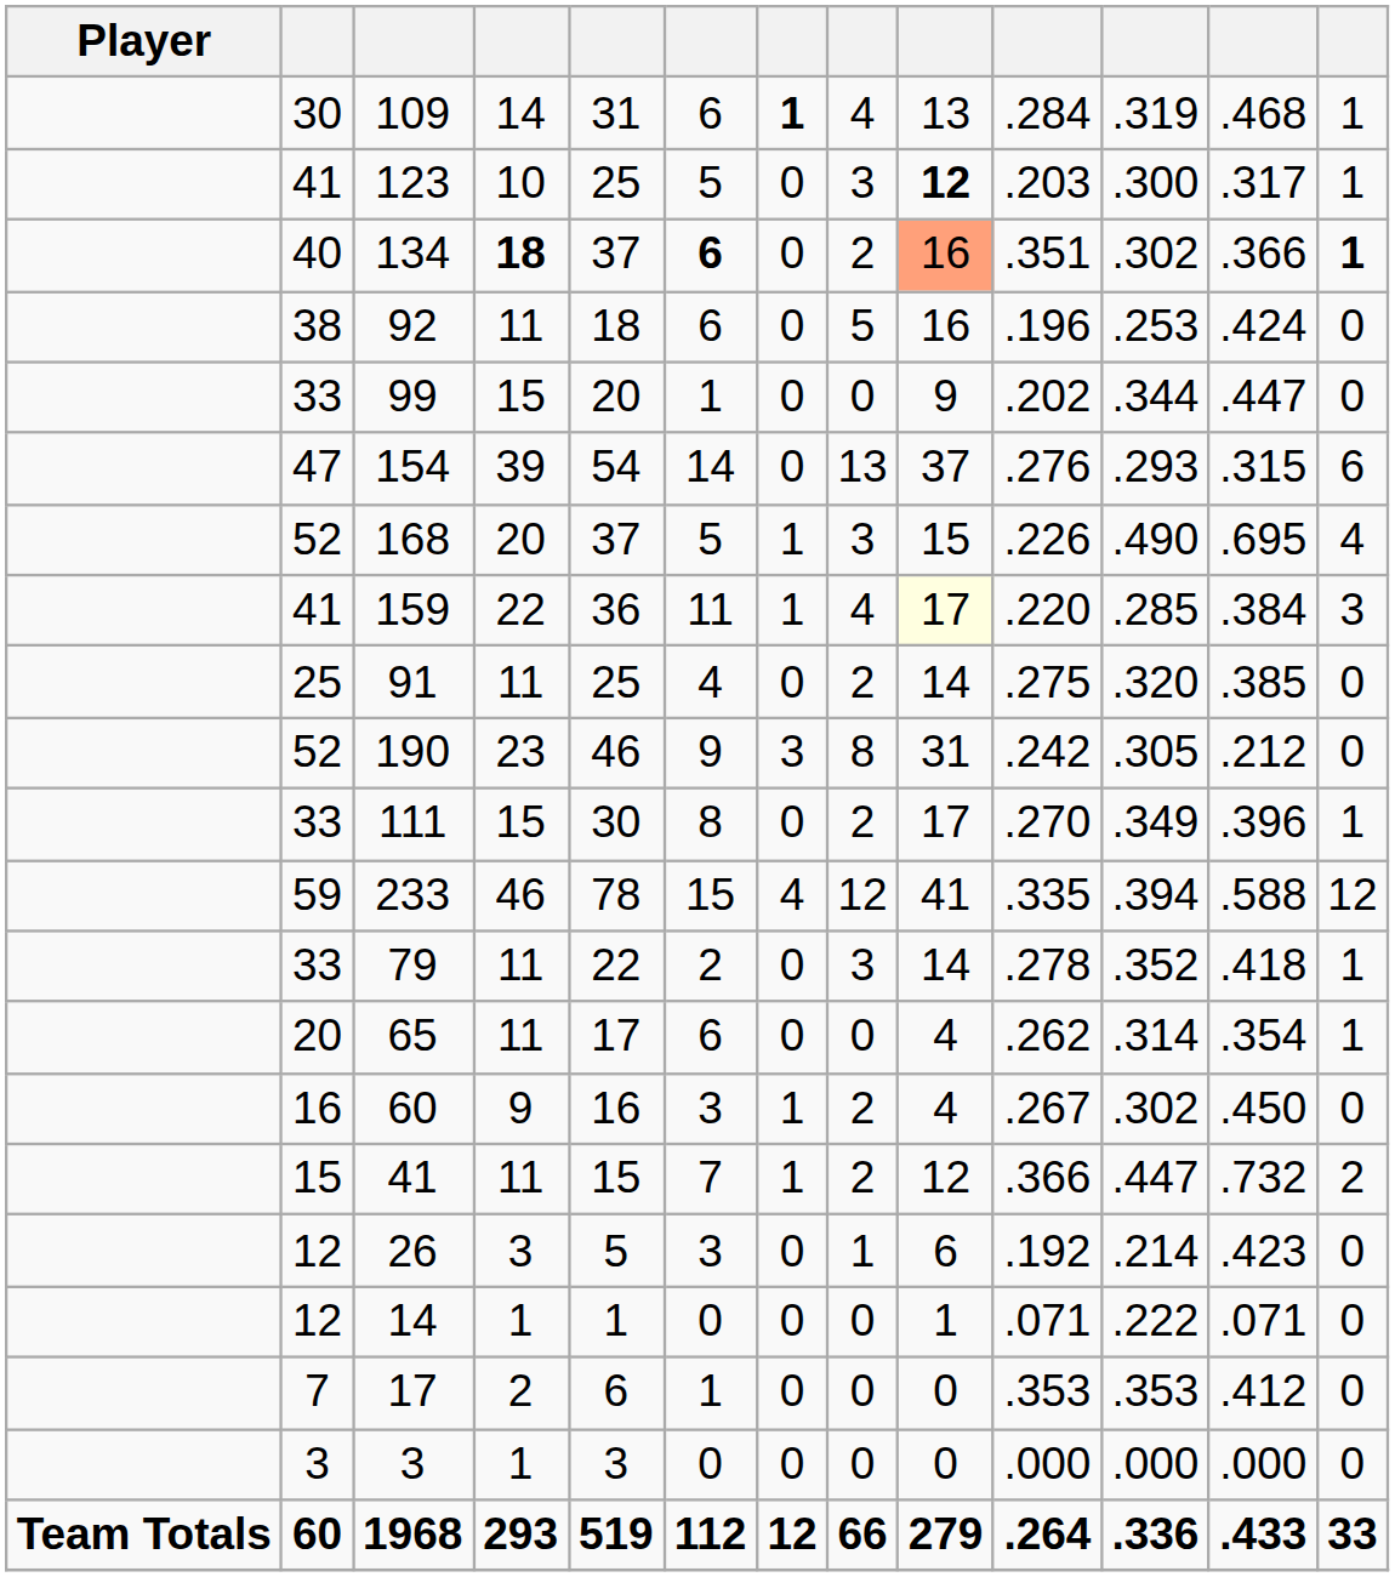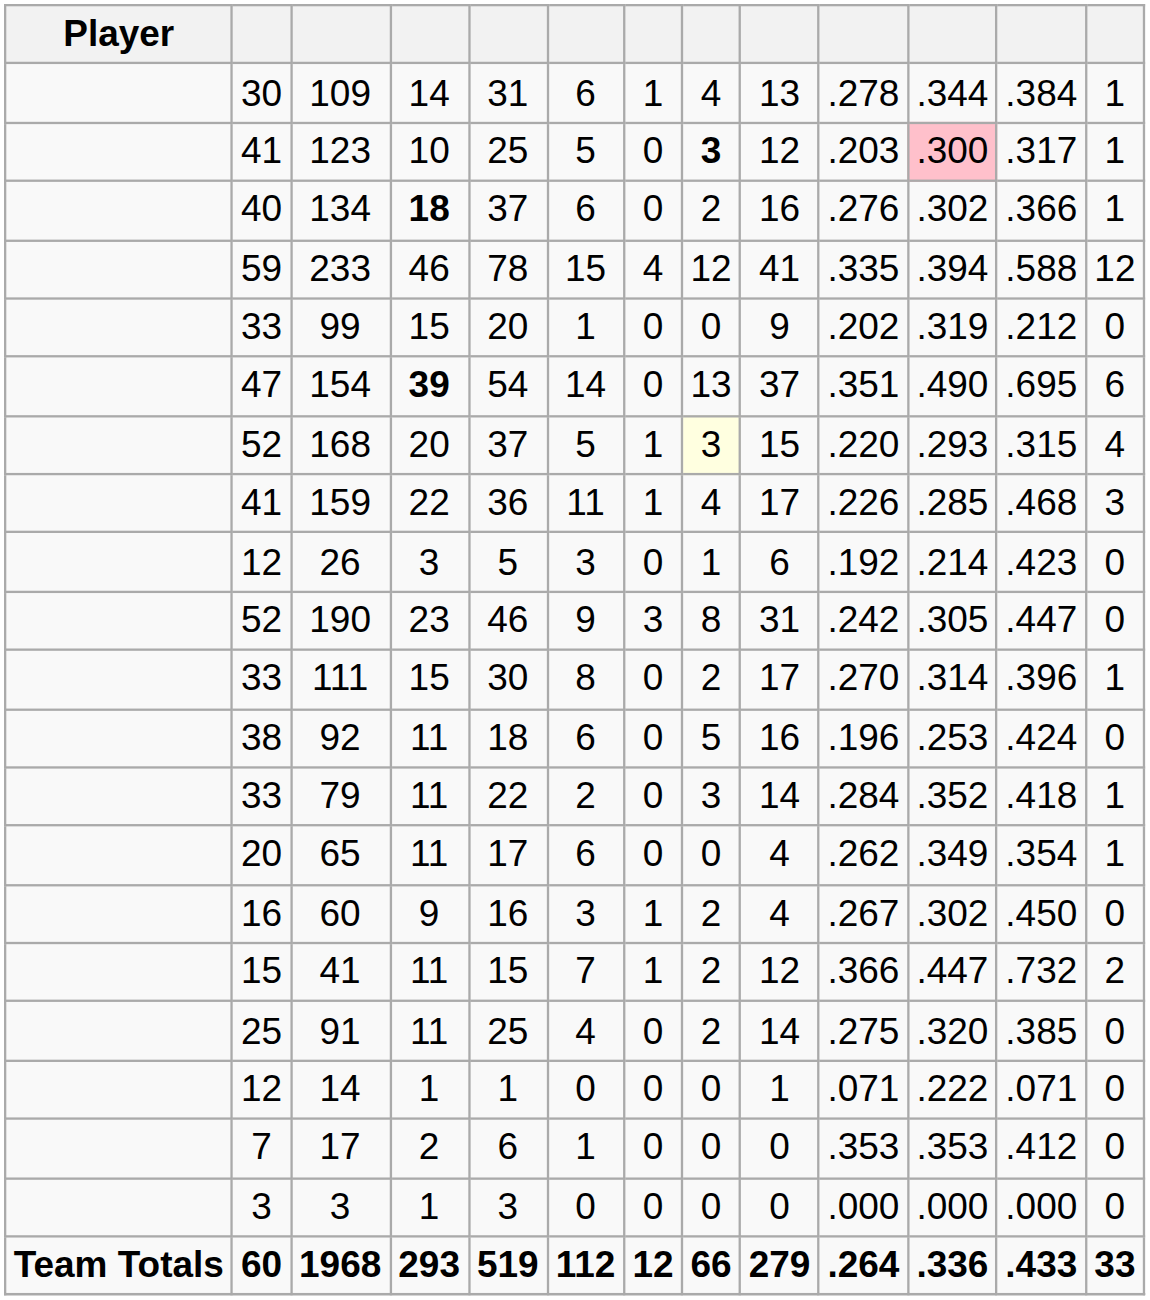 <table class="wikitable sortable" style="text-align:center;">
 <tr>
 <th>Player</th>
 <th></th>
 <th></th>
 <th></th>
 <th></th>
 <th></th>
 <th></th>
 <th></th>
 <th></th>
 <th></th>
 <th></th>
 <th></th>
 <th></th>
 </tr>
 <tr>
 <td align=left></td>
 <td>30</td>
 <td>109</td>
 <td>14</td>
 <td>31</td>
 <td>6</td>
-<td><strong>1</strong></td>
+<td>1</td>
 <td>4</td>
 <td>13</td>
-<td>.284</td>
-<td>.319</td>
-<td>.468</td>
+<td>.278</td>
+<td>.344</td>
+<td>.384</td>
 <td>1</td>
 </tr>
 <tr>
 <td align=left></td>
 <td>41</td>
 <td>123</td>
 <td>10</td>
 <td>25</td>
 <td>5</td>
 <td>0</td>
-<td>3</td>
-<td><strong>12</strong></td>
+<td><strong>3</strong></td>
+<td>12</td>
 <td>.203</td>
-<td>.300</td>
+<td style="background: pink;">.300</td>
 <td>.317</td>
 <td>1</td>
 </tr>
 <tr>
 <td align=left></td>
 <td>40</td>
 <td>134</td>
 <td><strong>18</strong></td>
 <td>37</td>
-<td><strong>6</strong></td>
+<td>6</td>
 <td>0</td>
 <td>2</td>
-<td style="background: lightsalmon;">16</td>
-<td>.351</td>
+<td>16</td>
+<td>.276</td>
 <td>.302</td>
 <td>.366</td>
-<td><strong>1</strong></td>
-</tr>
-<tr>
-<td align=left></td>
-<td>38</td>
-<td>92</td>
-<td>11</td>
-<td>18</td>
-<td>6</td>
-<td>0</td>
-<td>5</td>
-<td>16</td>
-<td>.196</td>
-<td>.253</td>
-<td>.424</td>
-<td>0</td>
-</tr>
-<tr>
-<td align=left></td>
-<td>33</td>
-<td>99</td>
-<td>15</td>
-<td>20</td>
-<td>1</td>
-<td>0</td>
-<td>0</td>
-<td>9</td>
-<td>.202</td>
-<td>.344</td>
-<td>.447</td>
-<td>0</td>
-</tr>
-<tr>
-<td align=left></td>
-<td>47</td>
-<td>154</td>
-<td>39</td>
-<td>54</td>
-<td>14</td>
-<td>0</td>
-<td>13</td>
-<td>37</td>
-<td>.276</td>
-<td>.293</td>
-<td>.315</td>
-<td>6</td>
-</tr>
-<tr>
-<td align=left></td>
-<td>52</td>
-<td>168</td>
-<td>20</td>
-<td>37</td>
-<td>5</td>
-<td>1</td>
-<td>3</td>
-<td>15</td>
-<td>.226</td>
-<td>.490</td>
-<td>.695</td>
-<td>4</td>
-</tr>
-<tr>
-<td align=left></td>
-<td>41</td>
-<td>159</td>
-<td>22</td>
-<td>36</td>
-<td>11</td>
-<td>1</td>
-<td>4</td>
-<td style="background: lightyellow;">17</td>
-<td>.220</td>
-<td>.285</td>
-<td>.384</td>
-<td>3</td>
-</tr>
-<tr>
-<td align=left></td>
-<td>25</td>
-<td>91</td>
-<td>11</td>
-<td>25</td>
-<td>4</td>
-<td>0</td>
-<td>2</td>
-<td>14</td>
-<td>.275</td>
-<td>.320</td>
-<td>.385</td>
-<td>0</td>
-</tr>
-<tr>
-<td align=left></td>
-<td>52</td>
-<td>190</td>
-<td>23</td>
-<td>46</td>
-<td>9</td>
-<td>3</td>
-<td>8</td>
-<td>31</td>
-<td>.242</td>
-<td>.305</td>
-<td>.212</td>
-<td>0</td>
-</tr>
-<tr>
-<td align=left></td>
-<td>33</td>
-<td>111</td>
-<td>15</td>
-<td>30</td>
-<td>8</td>
-<td>0</td>
-<td>2</td>
-<td>17</td>
-<td>.270</td>
-<td>.349</td>
-<td>.396</td>
 <td>1</td>
 </tr>
 <tr>
 <td align=left></td>
 <td>59</td>
 <td>233</td>
 <td>46</td>
 <td>78</td>
 <td>15</td>
 <td>4</td>
 <td>12</td>
 <td>41</td>
 <td>.335</td>
 <td>.394</td>
 <td>.588</td>
 <td>12</td>
 </tr>
 <tr>
 <td align=left></td>
 <td>33</td>
+<td>99</td>
+<td>15</td>
+<td>20</td>
+<td>1</td>
+<td>0</td>
+<td>0</td>
+<td>9</td>
+<td>.202</td>
+<td>.319</td>
+<td>.212</td>
+<td>0</td>
+</tr>
+<tr>
+<td align=left></td>
+<td>47</td>
+<td>154</td>
+<td><strong>39</strong></td>
+<td>54</td>
+<td>14</td>
+<td>0</td>
+<td>13</td>
+<td>37</td>
+<td>.351</td>
+<td>.490</td>
+<td>.695</td>
+<td>6</td>
+</tr>
+<tr>
+<td align=left></td>
+<td>52</td>
+<td>168</td>
+<td>20</td>
+<td>37</td>
+<td>5</td>
+<td>1</td>
+<td style="background: lightyellow;">3</td>
+<td>15</td>
+<td>.220</td>
+<td>.293</td>
+<td>.315</td>
+<td>4</td>
+</tr>
+<tr>
+<td align=left></td>
+<td>41</td>
+<td>159</td>
+<td>22</td>
+<td>36</td>
+<td>11</td>
+<td>1</td>
+<td>4</td>
+<td>17</td>
+<td>.226</td>
+<td>.285</td>
+<td>.468</td>
+<td>3</td>
+</tr>
+<tr>
+<td align=left></td>
+<td>12</td>
+<td>26</td>
+<td>3</td>
+<td>5</td>
+<td>3</td>
+<td>0</td>
+<td>1</td>
+<td>6</td>
+<td>.192</td>
+<td>.214</td>
+<td>.423</td>
+<td>0</td>
+</tr>
+<tr>
+<td align=left></td>
+<td>52</td>
+<td>190</td>
+<td>23</td>
+<td>46</td>
+<td>9</td>
+<td>3</td>
+<td>8</td>
+<td>31</td>
+<td>.242</td>
+<td>.305</td>
+<td>.447</td>
+<td>0</td>
+</tr>
+<tr>
+<td align=left></td>
+<td>33</td>
+<td>111</td>
+<td>15</td>
+<td>30</td>
+<td>8</td>
+<td>0</td>
+<td>2</td>
+<td>17</td>
+<td>.270</td>
+<td>.314</td>
+<td>.396</td>
+<td>1</td>
+</tr>
+<tr>
+<td align=left></td>
+<td>38</td>
+<td>92</td>
+<td>11</td>
+<td>18</td>
+<td>6</td>
+<td>0</td>
+<td>5</td>
+<td>16</td>
+<td>.196</td>
+<td>.253</td>
+<td>.424</td>
+<td>0</td>
+</tr>
+<tr>
+<td align=left></td>
+<td>33</td>
 <td>79</td>
 <td>11</td>
 <td>22</td>
 <td>2</td>
 <td>0</td>
 <td>3</td>
 <td>14</td>
-<td>.278</td>
+<td>.284</td>
 <td>.352</td>
 <td>.418</td>
 <td>1</td>
 </tr>
 <tr>
 <td align=left></td>
 <td>20</td>
 <td>65</td>
 <td>11</td>
 <td>17</td>
 <td>6</td>
 <td>0</td>
 <td>0</td>
 <td>4</td>
 <td>.262</td>
-<td>.314</td>
+<td>.349</td>
 <td>.354</td>
 <td>1</td>
 </tr>
 <tr>
 <td align=left></td>
 <td>16</td>
 <td>60</td>
 <td>9</td>
 <td>16</td>
 <td>3</td>
 <td>1</td>
 <td>2</td>
 <td>4</td>
 <td>.267</td>
 <td>.302</td>
 <td>.450</td>
 <td>0</td>
 </tr>
 <tr>
 <td align=left></td>
 <td>15</td>
 <td>41</td>
 <td>11</td>
 <td>15</td>
 <td>7</td>
 <td>1</td>
 <td>2</td>
 <td>12</td>
 <td>.366</td>
 <td>.447</td>
 <td>.732</td>
 <td>2</td>
 </tr>
 <tr>
 <td align=left></td>
-<td>12</td>
-<td>26</td>
-<td>3</td>
-<td>5</td>
-<td>3</td>
+<td>25</td>
+<td>91</td>
+<td>11</td>
+<td>25</td>
+<td>4</td>
 <td>0</td>
-<td>1</td>
-<td>6</td>
-<td>.192</td>
-<td>.214</td>
-<td>.423</td>
+<td>2</td>
+<td>14</td>
+<td>.275</td>
+<td>.320</td>
+<td>.385</td>
 <td>0</td>
 </tr>
 <tr>
 <td align=left></td>
 <td>12</td>
 <td>14</td>
 <td>1</td>
 <td>1</td>
 <td>0</td>
 <td>0</td>
 <td>0</td>
 <td>1</td>
 <td>.071</td>
 <td>.222</td>
 <td>.071</td>
 <td>0</td>
 </tr>
 <tr>
 <td align=left></td>
 <td>7</td>
 <td>17</td>
 <td>2</td>
 <td>6</td>
 <td>1</td>
 <td>0</td>
 <td>0</td>
 <td>0</td>
 <td>.353</td>
 <td>.353</td>
 <td>.412</td>
 <td>0</td>
 </tr>
 <tr>
 <td align=left></td>
 <td>3</td>
 <td>3</td>
 <td>1</td>
 <td>3</td>
 <td>0</td>
 <td>0</td>
 <td>0</td>
 <td>0</td>
 <td>.000</td>
 <td>.000</td>
 <td>.000</td>
 <td>0</td>
 </tr>
 <tr>
 <td align=left><strong>Team Totals</strong></td>
 <td><strong>60</strong></td>
 <td><strong>1968</strong></td>
 <td><strong>293</strong></td>
 <td><strong>519</strong></td>
 <td><strong>112</strong></td>
 <td><strong>12</strong></td>
 <td><strong>66</strong></td>
 <td><strong>279</strong></td>
 <td><strong>.264</strong></td>
 <td><strong>.336</strong></td>
 <td><strong>.433</strong></td>
 <td><strong>33</strong></td>
 </tr>
 <tr class="sortbottom|}">
 </tr>
 </table>
